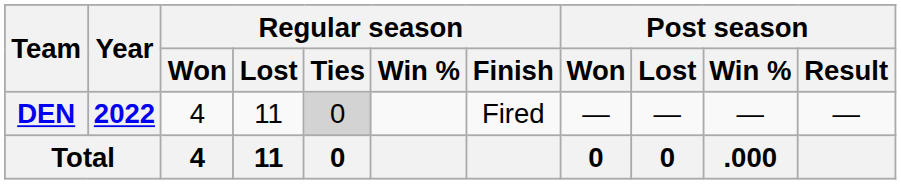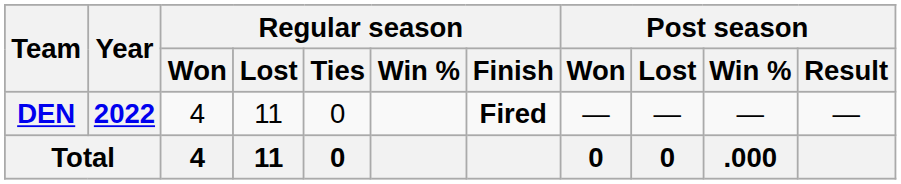 <table class="wikitable" style="font-size: 95%; text-align:center;">
 <tr>
 <th rowspan="2">Team</th>
 <th rowspan="2">Year</th>
 <th colspan="5">Regular season</th>
 <th colspan="4">Post season</th>
 </tr>
 <tr>
 <th>Won</th>
 <th>Lost</th>
 <th>Ties</th>
 <th>Win %</th>
 <th>Finish</th>
 <th>Won</th>
 <th>Lost</th>
 <th>Win %</th>
 <th>Result</th>
 </tr>
 <tr>
 <th><a href='#'>DEN</a></th>
 <th><a href='#'>2022</a></th>
 <td>4</td>
 <td>11</td>
-<td style="background: lightgrey;">0</td>
+<td>0</td>
 <td></td>
-<td>Fired</td>
+<td><strong>Fired</strong></td>
 <td>—</td>
 <td>—</td>
 <td>—</td>
 <td>—</td>
 </tr>
 <tr>
 <th colspan="2">Total</th>
 <th>4</th>
 <th>11</th>
 <th>0</th>
 <th></th>
 <th></th>
 <th>0</th>
 <th>0</th>
 <th>.000</th>
 <th></th>
 </tr>
 </table>
